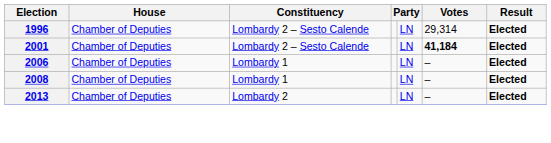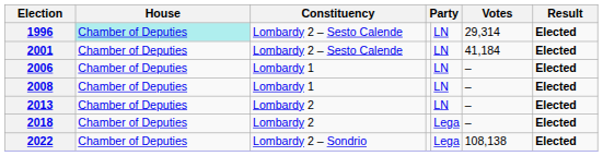 <table class=wikitable style="width:65%; border:1px #AAAAFF solid">
 <tr>
 <th width=12%>Election</th>
 <th width=30%>House</th>
 <th width=30%>Constituency</th>
 <th width=5% colspan="2">Party</th>
 <th width=12%>Votes</th>
 <th width=15%>Result</th>
 </tr>
 <tr>
 <th><a href='#'>1996</a></th>
-<td><a href='#'>Chamber of Deputies</a></td>
+<td style="background: paleturquoise;"><a href='#'>Chamber of Deputies</a></td>
 <td><a href='#'>Lombardy</a> 2 – <a href='#'>Sesto Calende</a></td>
 <td></td>
 <td><a href='#'>LN</a></td>
 <td>29,314</td>
 <td> <strong>Elected</strong></td>
 </tr>
 <tr>
 <th><a href='#'>2001</a></th>
 <td><a href='#'>Chamber of Deputies</a></td>
 <td><a href='#'>Lombardy</a> 2 – <a href='#'>Sesto Calende</a></td>
 <td></td>
 <td><a href='#'>LN</a></td>
-<td><strong>41,184</strong></td>
+<td>41,184</td>
 <td> <strong>Elected</strong></td>
 </tr>
 <tr>
 <th><a href='#'>2006</a></th>
 <td><a href='#'>Chamber of Deputies</a></td>
 <td><a href='#'>Lombardy</a> 1</td>
 <td></td>
 <td><a href='#'>LN</a></td>
 <td>–</td>
 <td> <strong>Elected</strong></td>
 </tr>
 <tr>
 <th><a href='#'>2008</a></th>
 <td><a href='#'>Chamber of Deputies</a></td>
 <td><a href='#'>Lombardy</a> 1</td>
 <td></td>
 <td><a href='#'>LN</a></td>
 <td>–</td>
 <td> <strong>Elected</strong></td>
 </tr>
 <tr>
 <th><a href='#'>2013</a></th>
 <td><a href='#'>Chamber of Deputies</a></td>
 <td><a href='#'>Lombardy</a> 2</td>
 <td></td>
 <td><a href='#'>LN</a></td>
 <td>–</td>
 <td> <strong>Elected</strong></td>
 </tr>
 <tr>
+<th><a href='#'>2018</a></th>
+<td><a href='#'>Chamber of Deputies</a></td>
+<td><a href='#'>Lombardy</a> 2</td>
+<td></td>
+<td><a href='#'>Lega</a></td>
+<td>–</td>
+<td> <strong>Elected</strong></td>
+</tr>
+<tr>
+<th><a href='#'>2022</a></th>
+<td><a href='#'>Chamber of Deputies</a></td>
+<td><a href='#'>Lombardy</a> 2 – <a href='#'>Sondrio</a></td>
+<td></td>
+<td><a href='#'>Lega</a></td>
+<td>108,138</td>
+<td> <strong>Elected</strong></td>
+</tr>
+<tr>
 </tr>
 </table>
